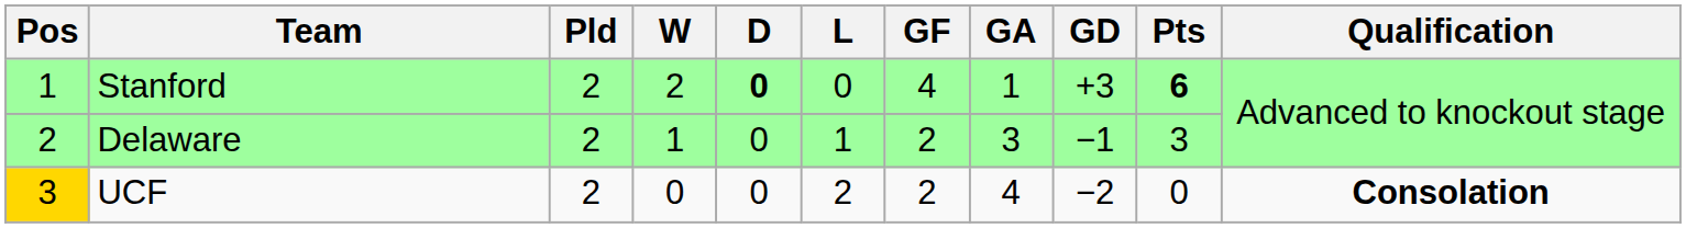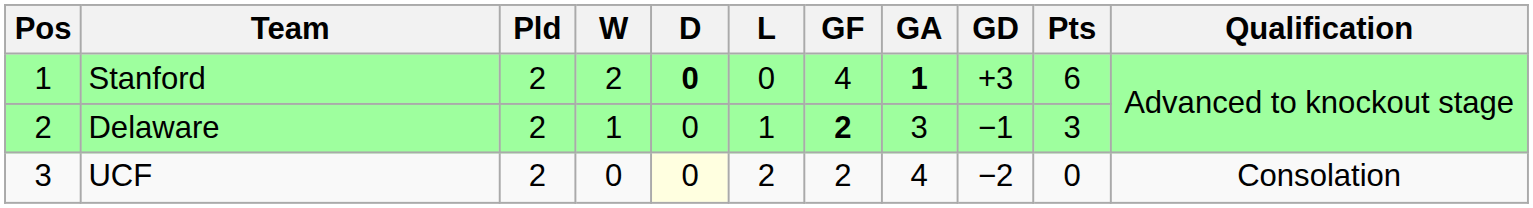 <table class="wikitable" style="text-align:center; margin: 1em auto">
 <tr>
 <th style="width:2em">Pos</th>
 <th style="width:13em">Team</th>
 <th style="width:2em">Pld</th>
 <th style="width:2em">W</th>
 <th style="width:2em">D</th>
 <th style="width:2em">L</th>
 <th style="width:2em">GF</th>
 <th style="width:2em">GA</th>
 <th style="width:2em">GD</th>
 <th style="width:2em">Pts</th>
 <th style="width:13em">Qualification</th>
 </tr>
 <tr bgcolor="#9eff9e">
 <td>1</td>
 <td style="text-align:left">Stanford</td>
 <td>2</td>
 <td>2</td>
 <td><strong>0</strong></td>
 <td>0</td>
 <td>4</td>
-<td>1</td>
+<td><strong>1</strong></td>
 <td>+3</td>
-<td><strong>6</strong></td>
+<td>6</td>
 <td rowspan="2">Advanced to knockout stage</td>
 </tr>
 <tr bgcolor="#9eff9e">
 <td>2</td>
 <td style="text-align:left">Delaware</td>
 <td>2</td>
 <td>1</td>
 <td>0</td>
 <td>1</td>
-<td>2</td>
+<td><strong>2</strong></td>
 <td>3</td>
 <td>−1</td>
 <td>3</td>
 </tr>
 <tr>
-<td style="background: gold;">3</td>
+<td>3</td>
 <td style="text-align:left">UCF</td>
 <td>2</td>
 <td>0</td>
-<td>0</td>
+<td style="background: lightyellow;">0</td>
 <td>2</td>
 <td>2</td>
 <td>4</td>
 <td>−2</td>
 <td>0</td>
-<td><strong>Consolation</strong></td>
+<td>Consolation</td>
 </tr>
 </table>
